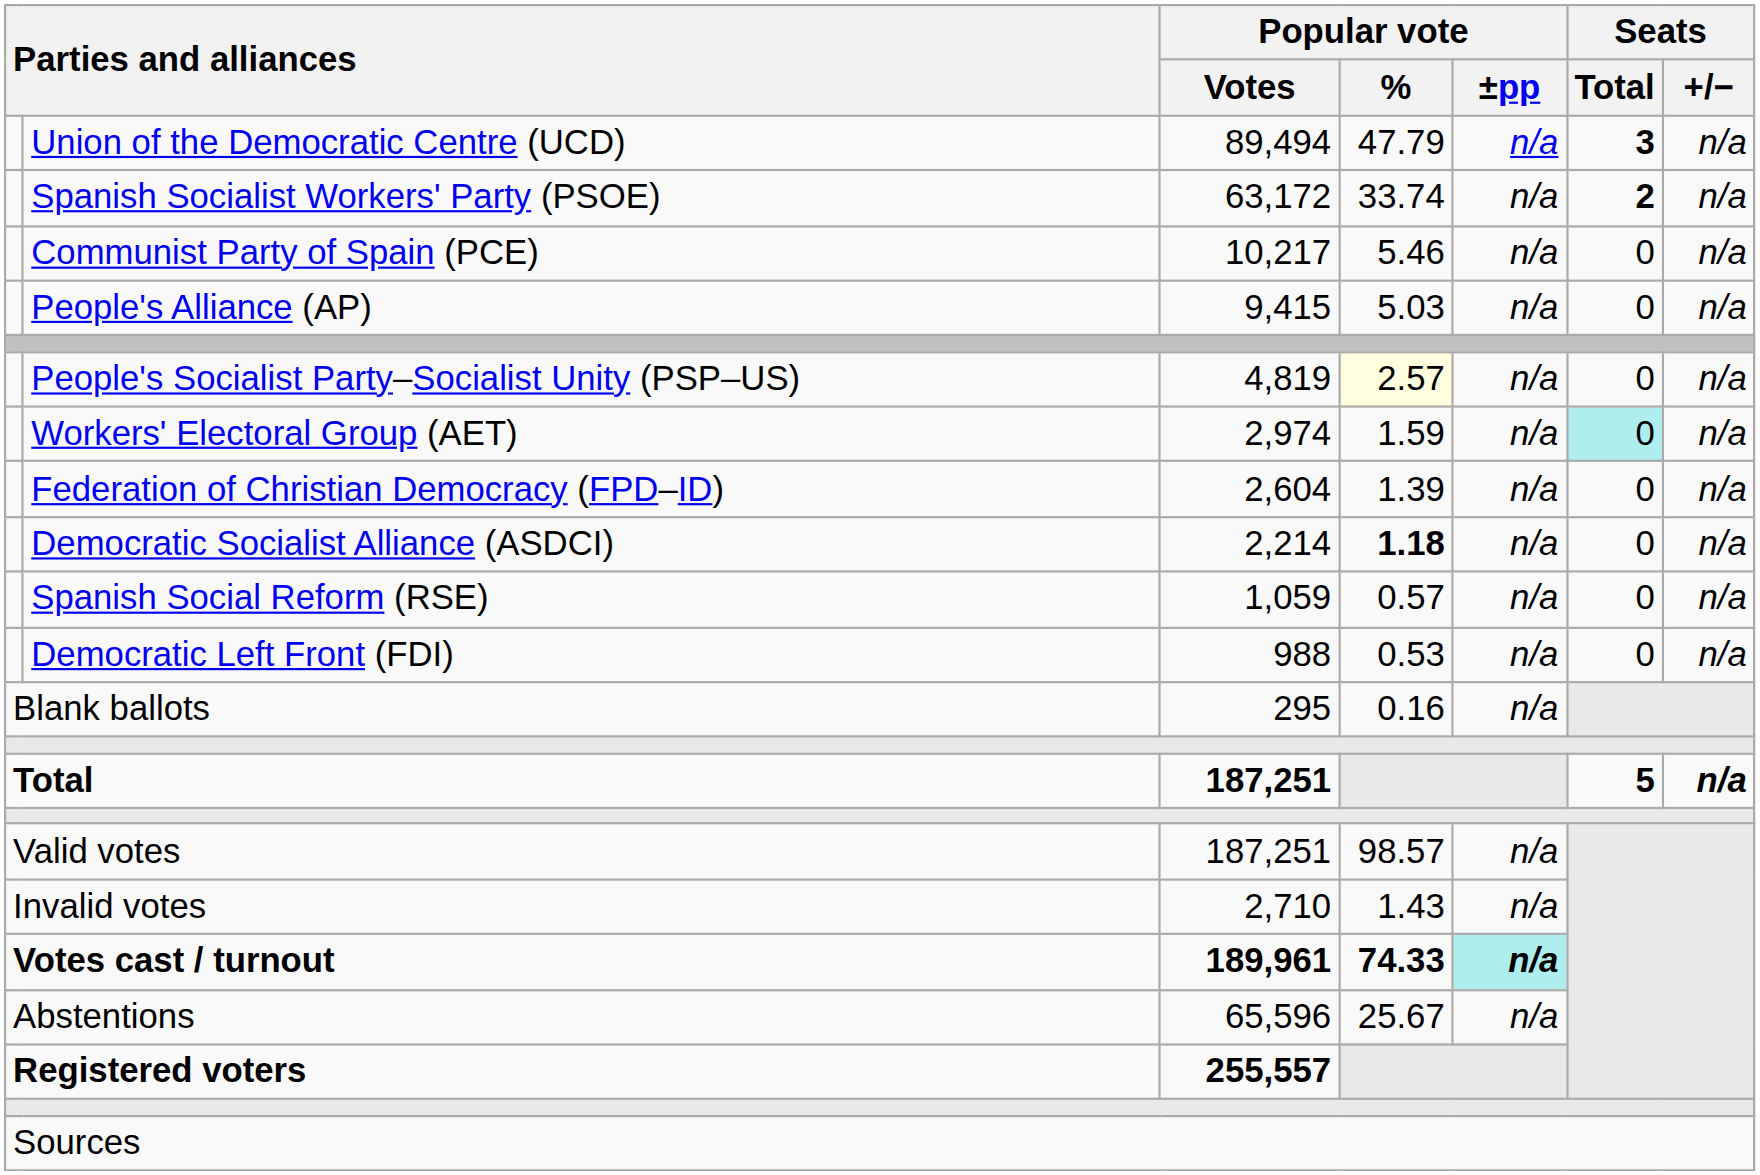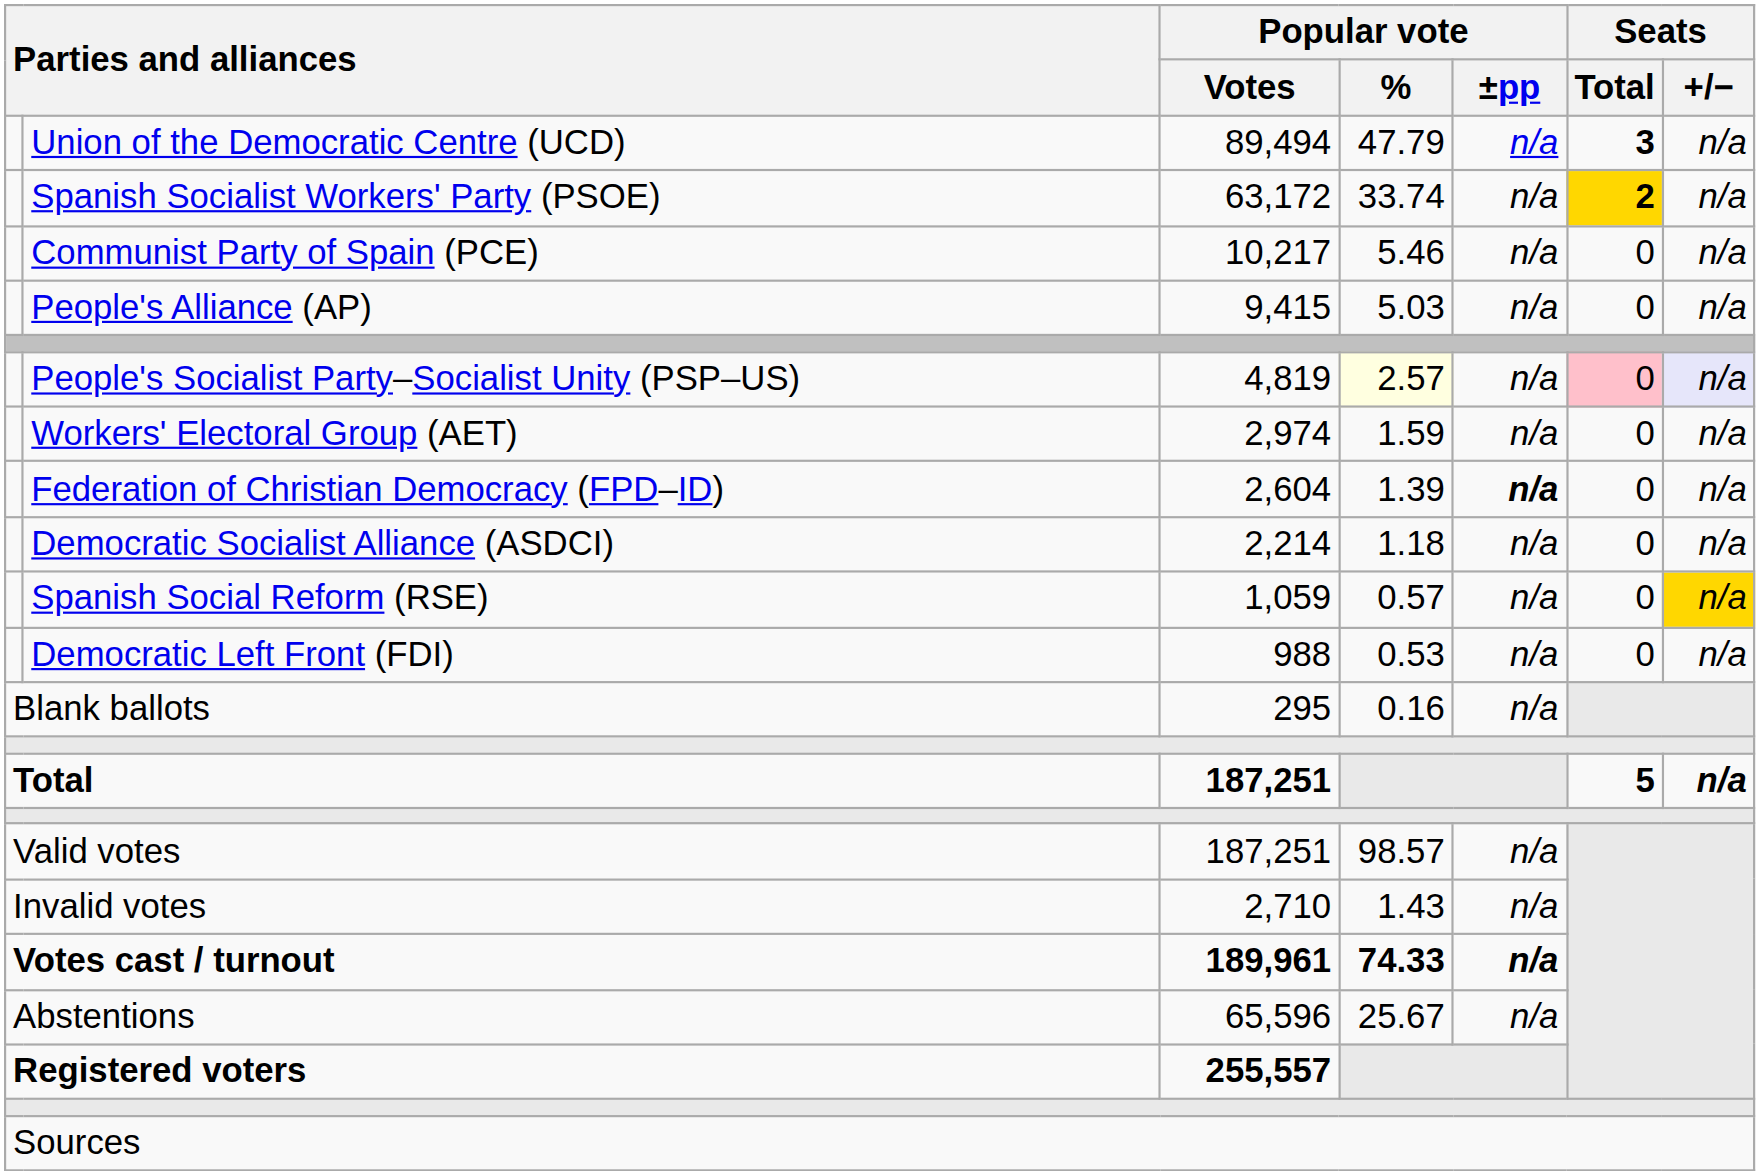 <table class="wikitable" style="text-align:right;">
 <tr>
 <th style="text-align:left;" rowspan="2" colspan="2" width="525">Parties and alliances</th>
 <th colspan="3">Popular vote</th>
 <th colspan="2">Seats</th>
 </tr>
 <tr>
 <th width="75">Votes</th>
 <th width="45">%</th>
 <th width="45">±<a href='#'>pp</a></th>
 <th width="35">Total</th>
 <th width="35">+/−</th>
 </tr>
 <tr>
 <td width="1" style="color:inherit;background:"></td>
 <td align="left"><a href='#'>Union of the Democratic Centre</a> (UCD)</td>
 <td>89,494</td>
 <td>47.79</td>
 <td><em><a href='#'>n/a</a></em></td>
 <td><strong>3</strong></td>
 <td><em>n/a</em></td>
 </tr>
 <tr>
 <td style="color:inherit;background:"></td>
 <td align="left"><a href='#'>Spanish Socialist Workers' Party</a> (PSOE)</td>
 <td>63,172</td>
 <td>33.74</td>
 <td><em>n/a</em></td>
-<td><strong>2</strong></td>
+<td style="background: gold;"><strong>2</strong></td>
 <td><em>n/a</em></td>
 </tr>
 <tr>
 <td style="color:inherit;background:"></td>
 <td align="left"><a href='#'>Communist Party of Spain</a> (PCE)</td>
 <td>10,217</td>
 <td>5.46</td>
 <td><em>n/a</em></td>
 <td>0</td>
 <td><em>n/a</em></td>
 </tr>
 <tr>
 <td style="color:inherit;background:"></td>
 <td align="left"><a href='#'>People's Alliance</a> (AP)</td>
 <td>9,415</td>
 <td>5.03</td>
 <td><em>n/a</em></td>
 <td>0</td>
 <td><em>n/a</em></td>
 </tr>
 <tr>
 <td colspan="7" bgcolor="#C0C0C0"></td>
 </tr>
 <tr>
 <td style="color:inherit;background:"></td>
 <td align="left"><a href='#'>People's Socialist Party</a>–<a href='#'>Socialist Unity</a> (PSP–US)</td>
 <td>4,819</td>
 <td style="background: lightyellow;">2.57</td>
 <td><em>n/a</em></td>
-<td>0</td>
-<td><em>n/a</em></td>
+<td style="background: pink;">0</td>
+<td style="background: lavender;"><em>n/a</em></td>
 </tr>
 <tr>
 <td style="color:inherit;background:"></td>
 <td align="left"><a href='#'>Workers' Electoral Group</a> (AET)</td>
 <td>2,974</td>
 <td>1.59</td>
 <td><em>n/a</em></td>
-<td style="background: paleturquoise;">0</td>
+<td>0</td>
 <td><em>n/a</em></td>
 </tr>
 <tr>
 <td style="color:inherit;background:"></td>
 <td align="left"><a href='#'>Federation of Christian Democracy</a> (<a href='#'>FPD</a>–<a href='#'>ID</a>)</td>
 <td>2,604</td>
 <td>1.39</td>
-<td><em>n/a</em></td>
+<td><strong><em>n/a</em></strong></td>
 <td>0</td>
 <td><em>n/a</em></td>
 </tr>
 <tr>
 <td style="color:inherit;background:"></td>
 <td align="left"><a href='#'>Democratic Socialist Alliance</a> (ASDCI)</td>
 <td>2,214</td>
-<td><strong>1.18</strong></td>
+<td>1.18</td>
 <td><em>n/a</em></td>
 <td>0</td>
 <td><em>n/a</em></td>
 </tr>
 <tr>
 <td style="color:inherit;background:"></td>
 <td align="left"><a href='#'>Spanish Social Reform</a> (RSE)</td>
 <td>1,059</td>
 <td>0.57</td>
 <td><em>n/a</em></td>
 <td>0</td>
-<td><em>n/a</em></td>
+<td style="background: gold;"><em>n/a</em></td>
 </tr>
 <tr>
 <td style="color:inherit;background:"></td>
 <td align="left"><a href='#'>Democratic Left Front</a> (FDI)</td>
 <td>988</td>
 <td>0.53</td>
 <td><em>n/a</em></td>
 <td>0</td>
 <td><em>n/a</em></td>
 </tr>
 <tr>
 <td align="left" colspan="2">Blank ballots</td>
 <td>295</td>
 <td>0.16</td>
 <td><em>n/a</em></td>
 <td bgcolor="#E9E9E9" colspan="2"></td>
 </tr>
 <tr>
 <td colspan="7" bgcolor="#E9E9E9"></td>
 </tr>
 <tr style="font-weight:bold;">
 <td align="left" colspan="2">Total</td>
 <td>187,251</td>
 <td bgcolor="#E9E9E9" colspan="2"></td>
 <td>5</td>
 <td><em>n/a</em></td>
 </tr>
 <tr>
 <td colspan="7" bgcolor="#E9E9E9"></td>
 </tr>
 <tr>
 <td align="left" colspan="2">Valid votes</td>
 <td>187,251</td>
 <td>98.57</td>
 <td><em>n/a</em></td>
 <td bgcolor="#E9E9E9" colspan="2" rowspan="5"></td>
 </tr>
 <tr>
 <td align="left" colspan="2">Invalid votes</td>
 <td>2,710</td>
 <td>1.43</td>
 <td><em>n/a</em></td>
 </tr>
 <tr style="font-weight:bold;">
 <td align="left" colspan="2">Votes cast / turnout</td>
 <td>189,961</td>
 <td>74.33</td>
-<td style="background: paleturquoise;"><em>n/a</em></td>
+<td><em>n/a</em></td>
 </tr>
 <tr>
 <td align="left" colspan="2">Abstentions</td>
 <td>65,596</td>
 <td>25.67</td>
 <td><em>n/a</em></td>
 </tr>
 <tr style="font-weight:bold;">
 <td align="left" colspan="2">Registered voters</td>
 <td>255,557</td>
 <td bgcolor="#E9E9E9" colspan="2"></td>
 </tr>
 <tr>
 <td colspan="7" bgcolor="#E9E9E9"></td>
 </tr>
 <tr>
 <td align="left" colspan="7">Sources</td>
 </tr>
 </table>
